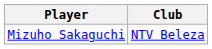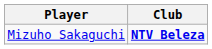 <table class="wikitable">
 <tr>
 <th>Player</th>
 <th>Club</th>
 </tr>
 <tr>
 <td> <a href='#'>Mizuho Sakaguchi</a></td>
-<td><a href='#'>NTV Beleza</a></td>
+<td><strong><a href='#'>NTV Beleza</a></strong></td>
 </tr>
 </table>
